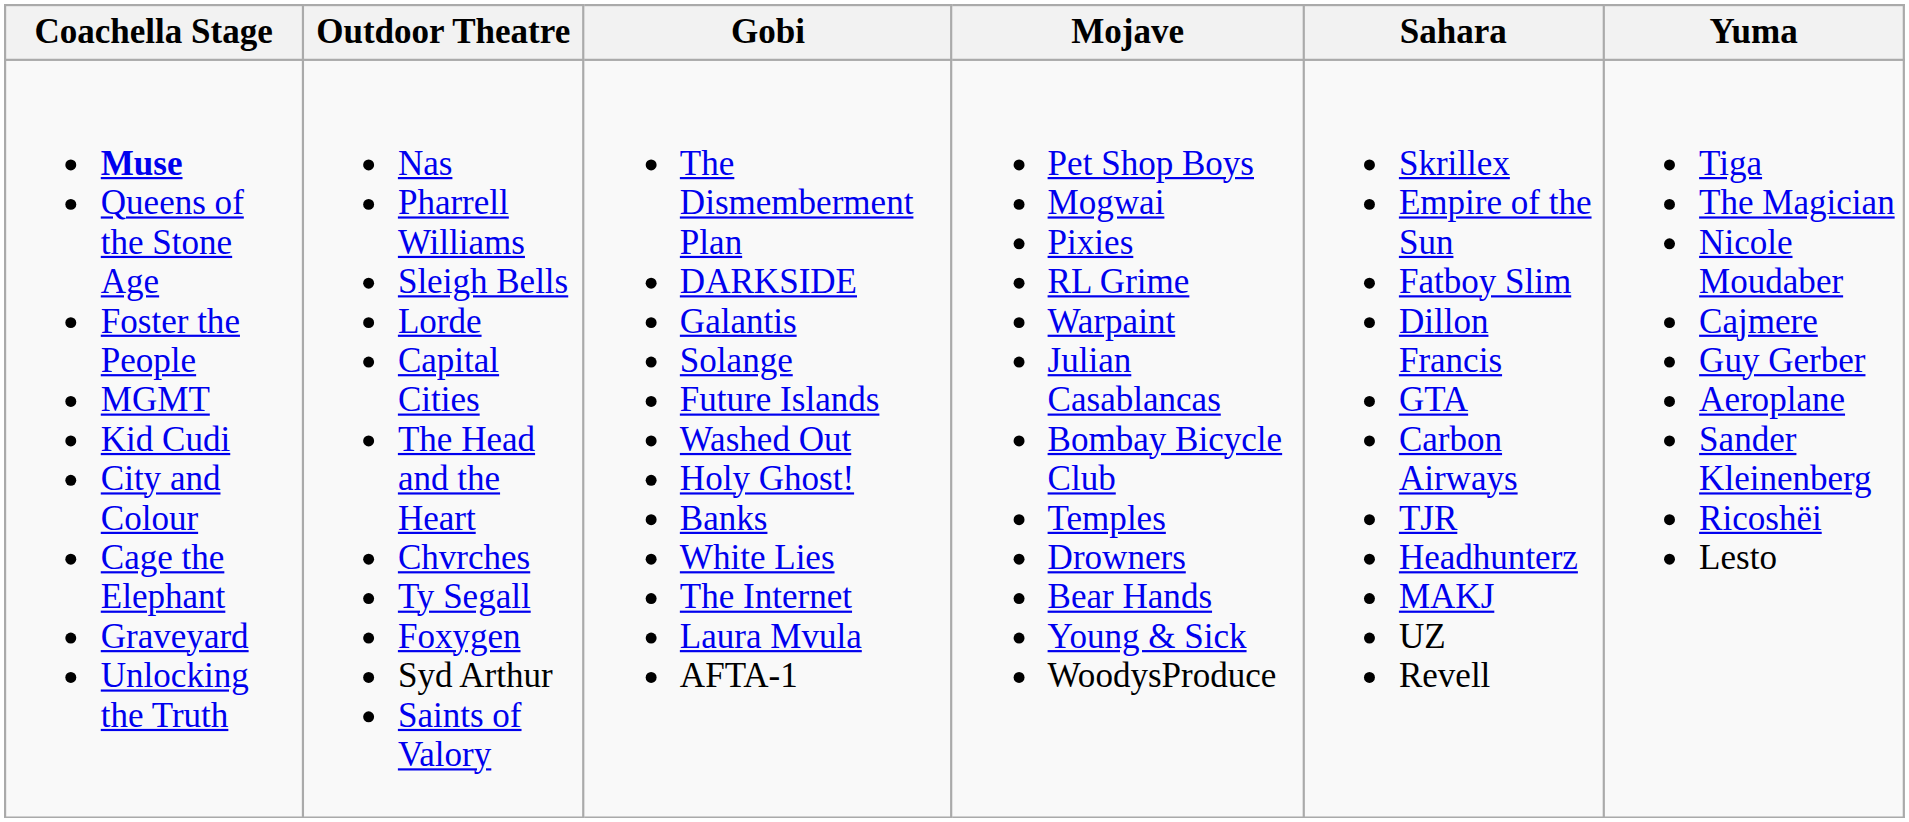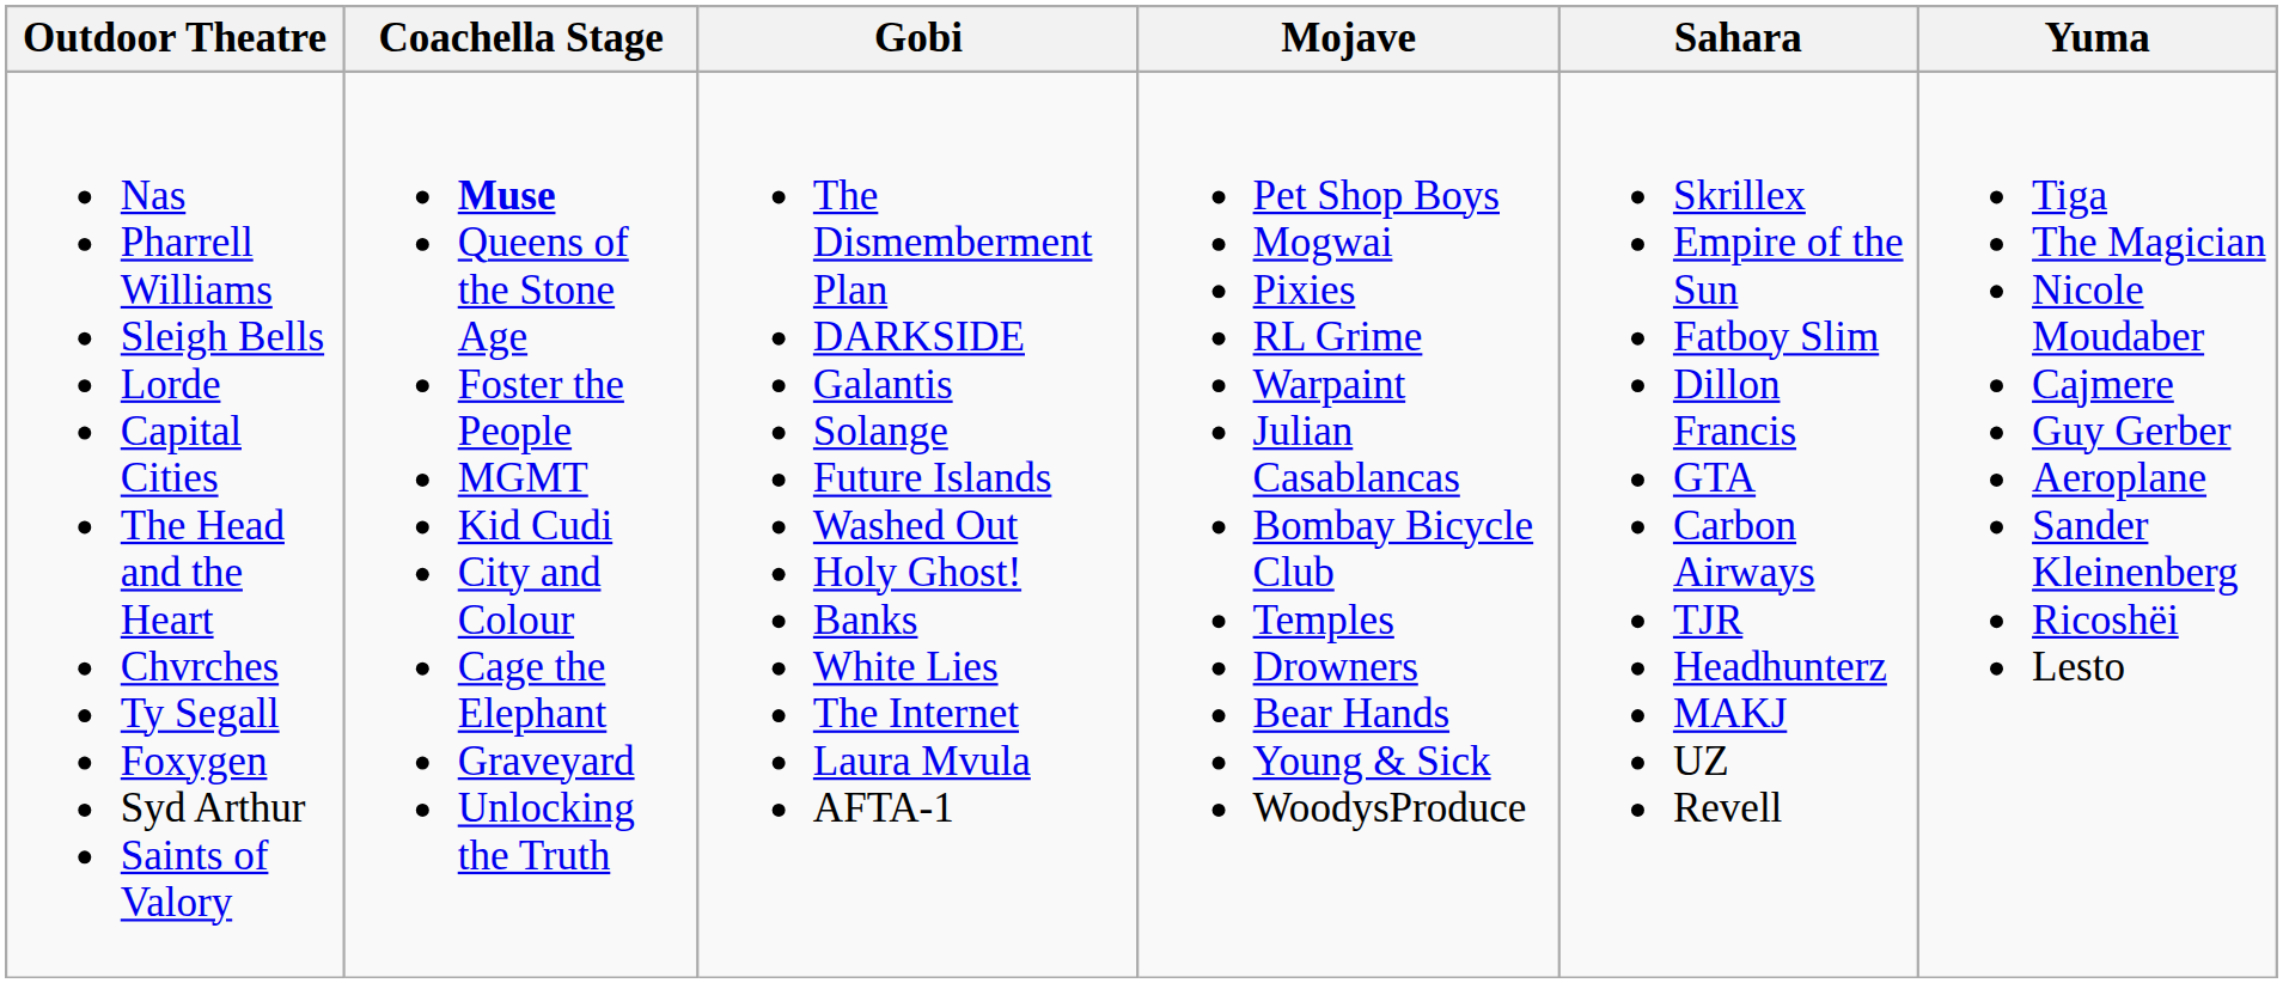 <table class="wikitable">
 <tr>
+<th>Outdoor Theatre</th>
 <th>Coachella Stage</th>
-<th>Outdoor Theatre</th>
 <th>Gobi</th>
 <th>Mojave</th>
 <th>Sahara</th>
 <th>Yuma</th>
 </tr>
 <tr valign="top">
+<td><br><ul><li><a href='#'>Nas</a></li><li><a href='#'>Pharrell Williams</a></li><li><a href='#'>Sleigh Bells</a></li><li><a href='#'>Lorde</a></li><li><a href='#'>Capital Cities</a></li><li><a href='#'>The Head and the Heart</a></li><li><a href='#'>Chvrches</a></li><li><a href='#'>Ty Segall</a></li><li><a href='#'>Foxygen</a></li><li>Syd Arthur</li><li><a href='#'>Saints of Valory</a></li></ul></td>
 <td><br><ul><li><strong><a href='#'>Muse</a></strong></li><li><a href='#'>Queens of the Stone Age</a></li><li><a href='#'>Foster the People</a></li><li><a href='#'>MGMT</a></li><li><a href='#'>Kid Cudi</a></li><li><a href='#'>City and Colour</a></li><li><a href='#'>Cage the Elephant</a></li><li><a href='#'>Graveyard</a></li><li><a href='#'>Unlocking the Truth</a></li></ul></td>
-<td><br><ul><li><a href='#'>Nas</a></li><li><a href='#'>Pharrell Williams</a></li><li><a href='#'>Sleigh Bells</a></li><li><a href='#'>Lorde</a></li><li><a href='#'>Capital Cities</a></li><li><a href='#'>The Head and the Heart</a></li><li><a href='#'>Chvrches</a></li><li><a href='#'>Ty Segall</a></li><li><a href='#'>Foxygen</a></li><li>Syd Arthur</li><li><a href='#'>Saints of Valory</a></li></ul></td>
 <td><br><ul><li><a href='#'>The Dismemberment Plan</a></li><li><a href='#'>DARKSIDE</a></li><li><a href='#'>Galantis</a></li><li><a href='#'>Solange</a></li><li><a href='#'>Future Islands</a></li><li><a href='#'>Washed Out</a></li><li><a href='#'>Holy Ghost!</a></li><li><a href='#'>Banks</a></li><li><a href='#'>White Lies</a></li><li><a href='#'>The Internet</a></li><li><a href='#'>Laura Mvula</a></li><li>AFTA-1</li></ul></td>
 <td><br><ul><li><a href='#'>Pet Shop Boys</a></li><li><a href='#'>Mogwai</a></li><li><a href='#'>Pixies</a></li><li><a href='#'>RL Grime</a></li><li><a href='#'>Warpaint</a></li><li><a href='#'>Julian Casablancas</a></li><li><a href='#'>Bombay Bicycle Club</a></li><li><a href='#'>Temples</a></li><li><a href='#'>Drowners</a></li><li><a href='#'>Bear Hands</a></li><li><a href='#'>Young & Sick</a></li><li>WoodysProduce</li></ul></td>
 <td><br><ul><li><a href='#'>Skrillex</a></li><li><a href='#'>Empire of the Sun</a></li><li><a href='#'>Fatboy Slim</a></li><li><a href='#'>Dillon Francis</a></li><li><a href='#'>GTA</a></li><li><a href='#'>Carbon Airways</a></li><li><a href='#'>TJR</a></li><li><a href='#'>Headhunterz</a></li><li><a href='#'>MAKJ</a></li><li>UZ</li><li>Revell</li></ul></td>
 <td><br><ul><li><a href='#'>Tiga</a></li><li><a href='#'>The Magician</a></li><li><a href='#'>Nicole Moudaber</a></li><li><a href='#'>Cajmere</a></li><li><a href='#'>Guy Gerber</a></li><li><a href='#'>Aeroplane</a></li><li><a href='#'>Sander Kleinenberg</a></li><li><a href='#'>Ricoshëi</a></li><li>Lesto</li></ul></td>
 </tr>
 </table>
